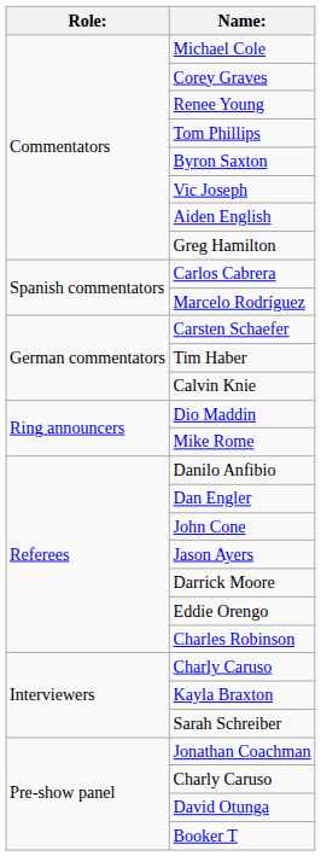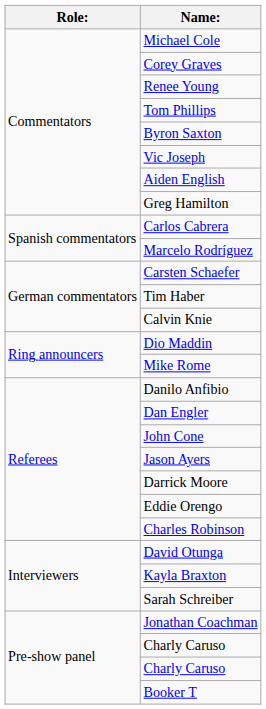 <table class=wikitable style="font-size:90%; margin: 0.5em 0 0.5em 1em; float: right; clear: right;">
 <tr>
 <th>Role:</th>
 <th>Name:</th>
 </tr>
 <tr>
 <td rowspan=8>Commentators</td>
 <td><a href='#'>Michael Cole</a> </td>
 </tr>
 <tr>
 <td><a href='#'>Corey Graves</a> </td>
 </tr>
 <tr>
 <td><a href='#'>Renee Young</a> </td>
 </tr>
 <tr>
 <td><a href='#'>Tom Phillips</a> </td>
 </tr>
 <tr>
 <td><a href='#'>Byron Saxton</a> </td>
 </tr>
 <tr>
 <td><a href='#'>Vic Joseph</a> </td>
 </tr>
 <tr>
 <td><a href='#'>Aiden English</a> </td>
 </tr>
 <tr>
 <td>Greg Hamilton </td>
 </tr>
 <tr>
 <td rowspan=2>Spanish commentators</td>
 <td><a href='#'>Carlos Cabrera</a></td>
 </tr>
 <tr>
 <td><a href='#'>Marcelo Rodríguez</a></td>
 </tr>
 <tr>
 <td rowspan=3>German commentators</td>
 <td><a href='#'>Carsten Schaefer</a></td>
 </tr>
 <tr>
 <td>Tim Haber</td>
 </tr>
 <tr>
 <td>Calvin Knie</td>
 </tr>
 <tr>
 <td rowspan=2><a href='#'>Ring announcers</a></td>
 <td><a href='#'>Dio Maddin</a> </td>
 </tr>
 <tr>
 <td><a href='#'>Mike Rome</a> </td>
 </tr>
 <tr>
 <td rowspan=7><a href='#'>Referees</a></td>
 <td>Danilo Anfibio</td>
 </tr>
 <tr>
 <td><a href='#'>Dan Engler</a></td>
 </tr>
 <tr>
 <td><a href='#'>John Cone</a></td>
 </tr>
 <tr>
 <td><a href='#'>Jason Ayers</a></td>
 </tr>
 <tr>
 <td>Darrick Moore</td>
 </tr>
 <tr>
 <td>Eddie Orengo</td>
 </tr>
 <tr>
 <td><a href='#'>Charles Robinson</a></td>
 </tr>
 <tr>
 <td rowspan=3>Interviewers</td>
-<td><a href='#'>Charly Caruso</a></td>
+<td><a href='#'>David Otunga</a></td>
 </tr>
 <tr>
 <td><a href='#'>Kayla Braxton</a></td>
 </tr>
 <tr>
 <td>Sarah Schreiber</td>
 </tr>
 <tr>
 <td rowspan=4>Pre-show panel</td>
 <td><a href='#'>Jonathan Coachman</a></td>
 </tr>
 <tr>
 <td>Charly Caruso</td>
 </tr>
 <tr>
-<td><a href='#'>David Otunga</a></td>
+<td><a href='#'>Charly Caruso</a></td>
 </tr>
 <tr>
 <td><a href='#'>Booker T</a></td>
 </tr>
 </table>
